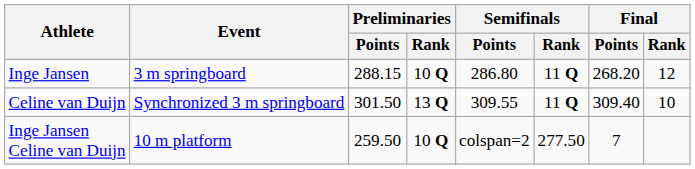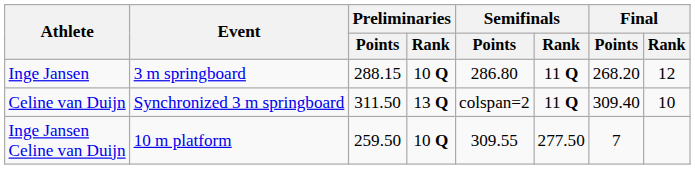 <table class=wikitable style="font-size:90%;">
 <tr>
 <th rowspan="2">Athlete</th>
 <th rowspan="2">Event</th>
 <th colspan="2">Preliminaries</th>
 <th colspan="2">Semifinals</th>
 <th colspan="2">Final</th>
 </tr>
 <tr style="font-size:95%">
 <th>Points</th>
 <th>Rank</th>
 <th>Points</th>
 <th>Rank</th>
 <th>Points</th>
 <th>Rank</th>
 </tr>
 <tr align=center>
 <td align=left><a href='#'>Inge Jansen</a></td>
 <td align=left><a href='#'>3 m springboard</a></td>
 <td>288.15</td>
 <td>10 <strong>Q</strong></td>
 <td>286.80</td>
 <td>11 <strong>Q</strong></td>
 <td>268.20</td>
 <td>12</td>
 </tr>
 <tr align=center>
 <td align=left><a href='#'>Celine van Duijn</a></td>
 <td align=left><a href='#'>Synchronized 3 m springboard</a></td>
-<td>301.50</td>
+<td>311.50</td>
 <td>13 <strong>Q</strong></td>
-<td>309.55</td>
+<td>colspan=2 </td>
 <td>11 <strong>Q</strong></td>
 <td>309.40</td>
 <td>10</td>
 </tr>
 <tr align=center>
 <td align=left><a href='#'>Inge Jansen</a><br><a href='#'>Celine van Duijn</a></td>
 <td align=left><a href='#'>10 m platform</a></td>
 <td>259.50</td>
 <td>10 <strong>Q</strong></td>
-<td>colspan=2 </td>
+<td>309.55</td>
 <td>277.50</td>
 <td>7</td>
 </tr>
 </table>
